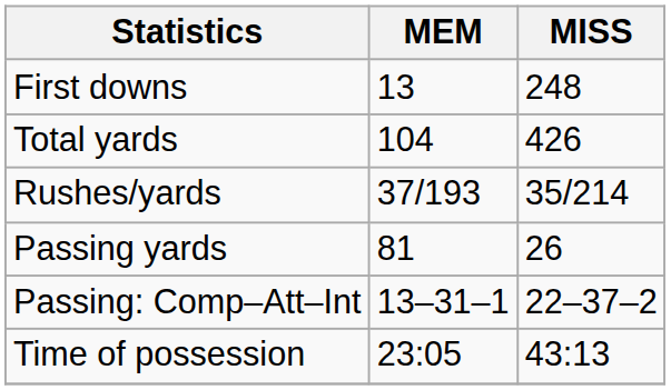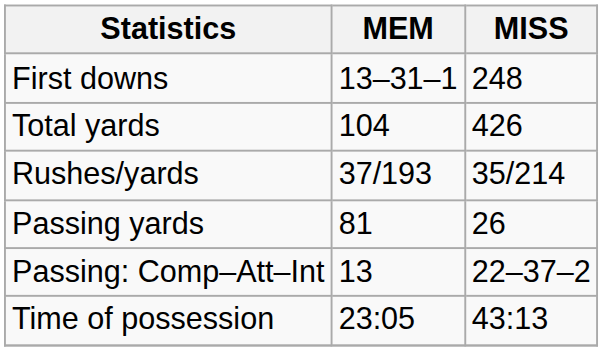 <table class="wikitable" style="float: left;">
 <tr>
 <th>Statistics</th>
 <th>MEM</th>
 <th>MISS</th>
 </tr>
 <tr>
 <td>First downs</td>
-<td>13</td>
+<td>13–31–1</td>
 <td>248</td>
 </tr>
 <tr>
 <td>Total yards</td>
 <td>104</td>
 <td>426</td>
 </tr>
 <tr>
 <td>Rushes/yards</td>
 <td>37/193</td>
 <td>35/214</td>
 </tr>
 <tr>
 <td>Passing yards</td>
 <td>81</td>
 <td>26</td>
 </tr>
 <tr>
 <td>Passing: Comp–Att–Int</td>
-<td>13–31–1</td>
+<td>13</td>
 <td>22–37–2</td>
 </tr>
 <tr>
 <td>Time of possession</td>
 <td>23:05</td>
 <td>43:13</td>
 </tr>
 <tr>
 </tr>
 </table>
